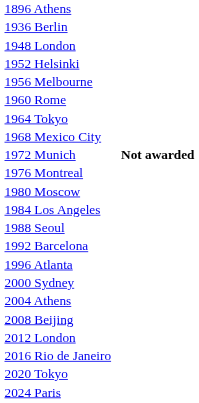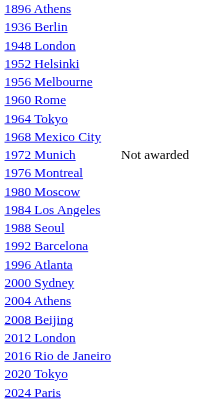 <table>
 <tr>
 <td><a href='#'>1896 Athens</a><br></td>
 <td></td>
 <td></td>
 <td></td>
 </tr>
 <tr>
 <td><a href='#'>1936 Berlin</a><br></td>
 <td></td>
 <td></td>
 <td></td>
 </tr>
 <tr>
 <td><a href='#'>1948 London</a><br></td>
 <td></td>
 <td></td>
 <td></td>
 </tr>
 <tr>
 <td><a href='#'>1952 Helsinki</a><br></td>
 <td></td>
 <td></td>
 <td></td>
 </tr>
 <tr>
 <td><a href='#'>1956 Melbourne</a><br></td>
 <td></td>
 <td></td>
 <td></td>
 </tr>
 <tr>
 <td><a href='#'>1960 Rome</a><br></td>
 <td></td>
 <td></td>
 <td></td>
 </tr>
 <tr>
 <td><a href='#'>1964 Tokyo</a><br></td>
 <td></td>
 <td></td>
 <td></td>
 </tr>
 <tr>
 <td><a href='#'>1968 Mexico City</a><br></td>
 <td></td>
 <td></td>
 <td></td>
 </tr>
 <tr>
 <td><a href='#'>1972 Munich</a><br></td>
 <td></td>
 <td></td>
-<td><strong>Not awarded</strong></td>
+<td>Not awarded</td>
 </tr>
 <tr>
 <td><a href='#'>1976 Montreal</a><br></td>
 <td></td>
 <td></td>
 <td></td>
 </tr>
 <tr>
 <td><a href='#'>1980 Moscow</a><br></td>
 <td></td>
 <td></td>
 <td></td>
 </tr>
 <tr>
 <td><a href='#'>1984 Los Angeles</a><br></td>
 <td></td>
 <td></td>
 <td></td>
 </tr>
 <tr>
 <td><a href='#'>1988 Seoul</a><br></td>
 <td></td>
 <td></td>
 <td></td>
 </tr>
 <tr>
 <td><a href='#'>1992 Barcelona</a><br></td>
 <td></td>
 <td></td>
 <td></td>
 </tr>
 <tr>
 <td><a href='#'>1996 Atlanta</a><br></td>
 <td></td>
 <td></td>
 <td></td>
 </tr>
 <tr>
 <td><a href='#'>2000 Sydney</a><br></td>
 <td></td>
 <td></td>
 <td></td>
 </tr>
 <tr>
 <td><a href='#'>2004 Athens</a><br></td>
 <td></td>
 <td></td>
 <td></td>
 </tr>
 <tr>
 <td><a href='#'>2008 Beijing</a><br></td>
 <td></td>
 <td></td>
 <td></td>
 </tr>
 <tr>
 <td><a href='#'>2012 London</a><br></td>
 <td></td>
 <td></td>
 <td></td>
 </tr>
 <tr>
 <td><a href='#'>2016 Rio de Janeiro</a><br></td>
 <td></td>
 <td></td>
 <td></td>
 </tr>
 <tr>
 <td><a href='#'>2020 Tokyo</a><br></td>
 <td></td>
 <td></td>
 <td></td>
 </tr>
 <tr>
 <td><a href='#'>2024 Paris</a><br></td>
 <td></td>
 <td></td>
 <td></td>
 </tr>
 </table>
